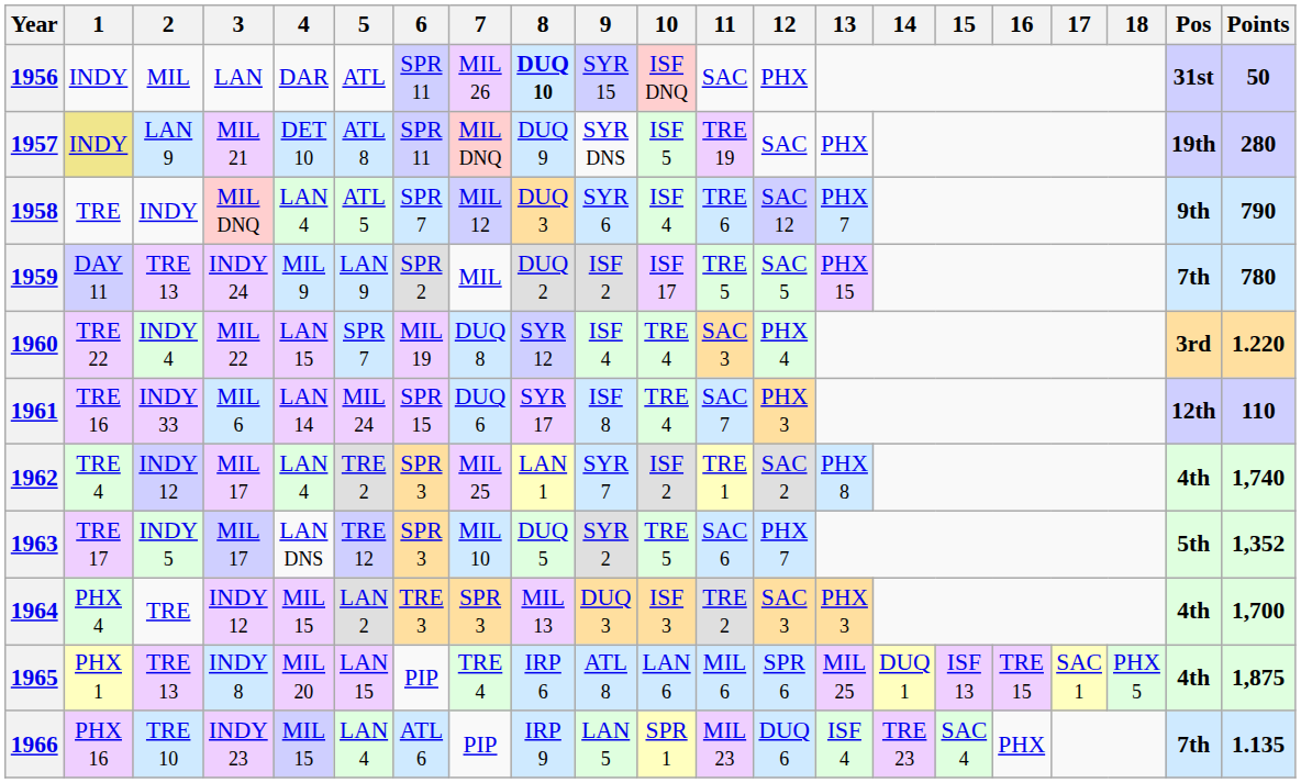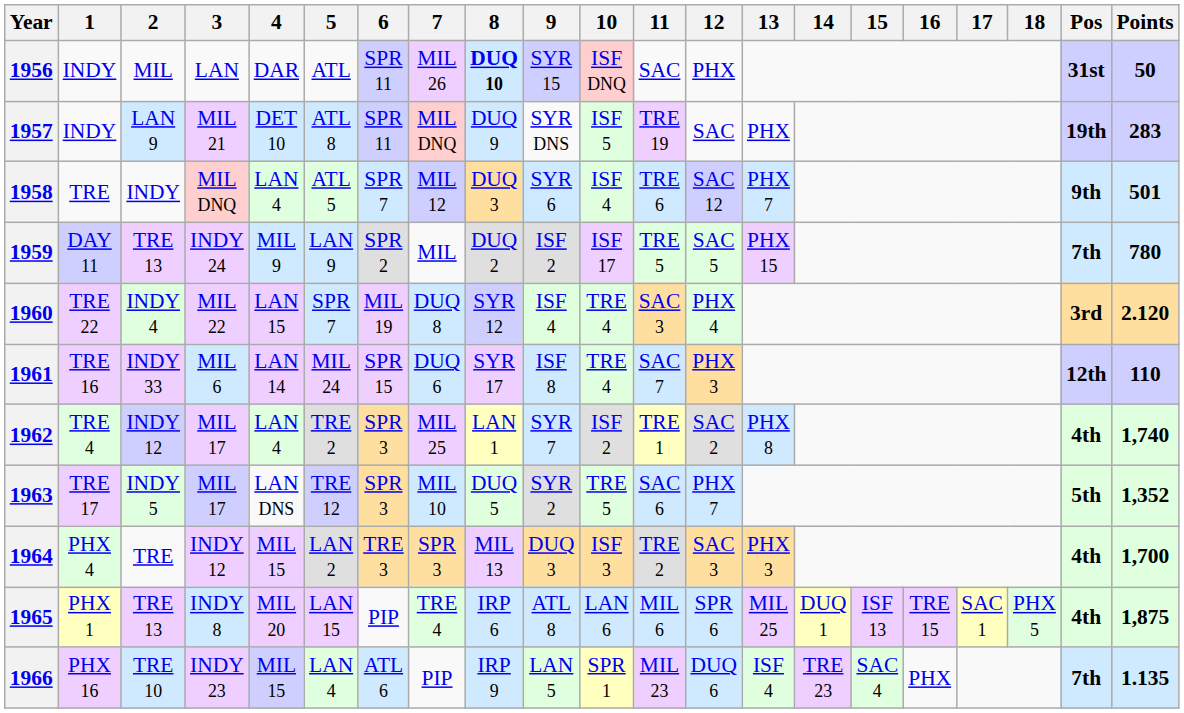 <table class="wikitable" style="text-align:center; font-size:90%">
 <tr>
 <th>Year</th>
 <th>1</th>
 <th>2</th>
 <th>3</th>
 <th>4</th>
 <th>5</th>
 <th>6</th>
 <th>7</th>
 <th>8</th>
 <th>9</th>
 <th>10</th>
 <th>11</th>
 <th>12</th>
 <th>13</th>
 <th>14</th>
 <th>15</th>
 <th>16</th>
 <th>17</th>
 <th>18</th>
 <th>Pos</th>
 <th>Points</th>
 </tr>
 <tr>
 <th rowspan=1><a href='#'>1956</a></th>
 <td><a href='#'>INDY</a><br><small> </small></td>
 <td><a href='#'>MIL</a><br><small> </small></td>
 <td><a href='#'>LAN</a><br><small> </small></td>
 <td><a href='#'>DAR</a><br><small> </small></td>
 <td><a href='#'>ATL</a><br><small> </small></td>
 <td style="background:#CFCFFF;"><a href='#'>SPR</a><br><small>11</small></td>
 <td style="background:#EFCFFF;"><a href='#'>MIL</a><br><small>26</small></td>
 <td style="background:#CFEAFF;"><strong><a href='#'>DUQ</a><br><small>10</small></strong></td>
 <td style="background:#CFCFFF;"><a href='#'>SYR</a><br><small>15</small></td>
 <td style="background:#FFCFCF;"><a href='#'>ISF</a><br><small>DNQ</small></td>
 <td><a href='#'>SAC</a><br><small> </small></td>
 <td><a href='#'>PHX</a><br><small> </small></td>
 <td colspan=6></td>
 <th style="background:#CFCFFF;">31st</th>
 <th style="background:#CFCFFF;">50</th>
 </tr>
 <tr>
 <th rowspan=1><a href='#'>1957</a></th>
-<td style="background: khaki;"><a href='#'>INDY</a><br><small> </small></td>
+<td><a href='#'>INDY</a><br><small> </small></td>
 <td style="background:#CFEAFF;"><a href='#'>LAN</a><br><small>9</small></td>
 <td style="background:#EFCFFF;"><a href='#'>MIL</a><br><small>21</small></td>
 <td style="background:#CFEAFF;"><a href='#'>DET</a><br><small>10</small></td>
 <td style="background:#CFEAFF;"><a href='#'>ATL</a><br><small>8</small></td>
 <td style="background:#CFCFFF;"><a href='#'>SPR</a><br><small>11</small></td>
 <td style="background:#FFCFCF;"><a href='#'>MIL</a><br><small>DNQ</small></td>
 <td style="background:#CFEAFF;"><a href='#'>DUQ</a><br><small>9</small></td>
 <td><a href='#'>SYR</a><br><small>DNS</small></td>
 <td style="background:#DFFFDF;"><a href='#'>ISF</a><br><small>5</small></td>
 <td style="background:#EFCFFF;"><a href='#'>TRE</a><br><small>19</small></td>
 <td><a href='#'>SAC</a><br><small> </small></td>
 <td><a href='#'>PHX</a><br><small> </small></td>
 <td colspan=5></td>
 <th style="background:#CFCFFF;">19th</th>
-<th style="background:#CFCFFF;">280</th>
+<th style="background:#CFCFFF;">283</th>
 </tr>
 <tr>
 <th rowspan=1><a href='#'>1958</a></th>
 <td><a href='#'>TRE</a></td>
 <td><a href='#'>INDY</a><br><small> </small></td>
 <td style="background:#FFCFCF;"><a href='#'>MIL</a><br><small>DNQ</small></td>
 <td style="background:#DFFFDF;"><a href='#'>LAN</a><br><small>4</small></td>
 <td style="background:#DFFFDF;"><a href='#'>ATL</a><br><small>5</small></td>
 <td style="background:#CFEAFF;"><a href='#'>SPR</a><br><small>7</small></td>
 <td style="background:#CFCFFF;"><a href='#'>MIL</a><br><small>12</small></td>
 <td style="background:#FFDF9F;"><a href='#'>DUQ</a><br><small>3</small></td>
 <td style="background:#CFEAFF;"><a href='#'>SYR</a><br><small>6</small></td>
 <td style="background:#DFFFDF;"><a href='#'>ISF</a><br><small>4</small></td>
 <td style="background:#CFEAFF;"><a href='#'>TRE</a><br><small>6</small></td>
 <td style="background:#CFCFFF;"><a href='#'>SAC</a><br><small>12</small></td>
 <td style="background:#CFEAFF;"><a href='#'>PHX</a><br><small>7</small></td>
 <td colspan=5></td>
 <th style="background:#CFEAFF;">9th</th>
-<th style="background:#CFEAFF;">790</th>
+<th style="background:#CFEAFF;">501</th>
 </tr>
 <tr>
 <th rowspan=1><a href='#'>1959</a></th>
 <td style="background:#cfcfff;"><a href='#'>DAY</a><br><small>11</small></td>
 <td style="background:#efcfff;"><a href='#'>TRE</a><br><small>13</small></td>
 <td style="background:#efcfff;"><a href='#'>INDY</a><br><small>24</small></td>
 <td style="background:#cfeaff;"><a href='#'>MIL</a><br><small>9</small></td>
 <td style="background:#cfeaff;"><a href='#'>LAN</a><br><small>9</small></td>
 <td style="background:#dfdfdf;"><a href='#'>SPR</a><br><small>2</small></td>
 <td><a href='#'>MIL</a><br><small> </small></td>
 <td style="background:#dfdfdf;"><a href='#'>DUQ</a><br><small>2</small></td>
 <td style="background:#DFDFDF;"><a href='#'>ISF</a><br><small>2</small></td>
 <td style="background:#efcfff;"><a href='#'>ISF</a><br><small>17</small></td>
 <td style="background:#dfffdf;"><a href='#'>TRE</a><br><small>5</small></td>
 <td style="background:#dfffdf;"><a href='#'>SAC</a><br><small>5</small></td>
 <td style="background:#efcfff;"><a href='#'>PHX</a><br><small>15</small></td>
 <td colspan=5></td>
 <th style="background:#CFEAFF;">7th</th>
 <th style="background:#CFEAFF;">780</th>
 </tr>
 <tr>
 <th><a href='#'>1960</a></th>
 <td style="background:#EFCFFF;"><a href='#'>TRE</a><br><small>22</small></td>
 <td style="background:#DFFFDF;"><a href='#'>INDY</a><br><small>4</small></td>
 <td style="background:#EFCFFF;"><a href='#'>MIL</a><br><small>22</small></td>
 <td style="background:#EFCFFF;"><a href='#'>LAN</a><br><small>15</small></td>
 <td style="background:#CFEAFF;"><a href='#'>SPR</a><br><small>7</small></td>
 <td style="background:#EFCFFF;"><a href='#'>MIL</a><br><small>19</small></td>
 <td style="background:#CFEAFF;"><a href='#'>DUQ</a><br><small>8</small></td>
 <td style="background:#CFCFFF;"><a href='#'>SYR</a><br><small>12</small></td>
 <td style="background:#DFFFDF;"><a href='#'>ISF</a><br><small>4</small></td>
 <td style="background:#DFFFDF;"><a href='#'>TRE</a><br><small>4</small></td>
 <td style="background:#FFDF9F;"><a href='#'>SAC</a><br><small>3</small></td>
 <td style="background:#DFFFDF;"><a href='#'>PHX</a><br><small>4</small></td>
 <td colspan=6></td>
 <th style="background:#FFDF9F;">3rd</th>
-<th style="background:#FFDF9F;">1.220</th>
+<th style="background:#FFDF9F;">2.120</th>
 </tr>
 <tr>
 <th><a href='#'>1961</a></th>
 <td style="background:#EFCFFF;"><a href='#'>TRE</a><br><small>16</small></td>
 <td style="background:#EFCFFF;"><a href='#'>INDY</a><br><small>33</small></td>
 <td style="background:#CFEAFF;"><a href='#'>MIL</a><br><small>6</small></td>
 <td style="background:#EFCFFF;"><a href='#'>LAN</a><br><small>14</small></td>
 <td style="background:#EFCFFF;"><a href='#'>MIL</a><br><small>24</small></td>
 <td style="background:#EFCFFF;"><a href='#'>SPR</a><br><small>15</small></td>
 <td style="background:#CFEAFF;"><a href='#'>DUQ</a><br><small>6</small></td>
 <td style="background:#EFCFFF;"><a href='#'>SYR</a><br><small>17</small></td>
 <td style="background:#CFEAFF;"><a href='#'>ISF</a><br><small>8</small></td>
 <td style="background:#DFFFDF;"><a href='#'>TRE</a><br><small>4</small></td>
 <td style="background:#CFEAFF;"><a href='#'>SAC</a><br><small>7</small></td>
 <td style="background:#FFDF9F;"><a href='#'>PHX</a><br><small>3</small></td>
 <td colspan=6></td>
 <th style="background:#CFCFFF;">12th</th>
 <th style="background:#CFCFFF;">110</th>
 </tr>
 <tr>
 <th><a href='#'>1962</a></th>
 <td style="background:#DFFFDF;"><a href='#'>TRE</a><br><small>4</small></td>
 <td style="background:#CFCFFF;"><a href='#'>INDY</a><br><small>12</small></td>
 <td style="background:#EFCFFF;"><a href='#'>MIL</a><br><small>17</small></td>
 <td style="background:#DFFFDF;"><a href='#'>LAN</a><br><small>4</small></td>
 <td style="background:#DFDFDF;"><a href='#'>TRE</a><br><small>2</small></td>
 <td style="background:#FFDF9F;"><a href='#'>SPR</a><br><small>3</small></td>
 <td style="background:#EFCFFF;"><a href='#'>MIL</a><br><small>25</small></td>
 <td style="background:#FFFFBF;"><a href='#'>LAN</a><br><small>1</small></td>
 <td style="background:#CFEAFF;"><a href='#'>SYR</a><br><small>7</small></td>
 <td style="background:#DFDFDF;"><a href='#'>ISF</a><br><small>2</small></td>
 <td style="background:#FFFFBF;"><a href='#'>TRE</a><br><small>1</small></td>
 <td style="background:#DFDFDF;"><a href='#'>SAC</a> <br><small>2</small></td>
 <td style="background:#CFEAFF;"><a href='#'>PHX</a><br><small>8</small></td>
 <td colspan=5></td>
 <th style="background:#DFFFDF;">4th</th>
 <th style="background:#DFFFDF;">1,740</th>
 </tr>
 <tr>
 <th><a href='#'>1963</a></th>
 <td style="background:#EFCFFF;"><a href='#'>TRE</a><br><small>17</small></td>
 <td style="background:#DFFFDF;"><a href='#'>INDY</a><br><small>5</small></td>
 <td style="background:#CFCFFF;"><a href='#'>MIL</a><br><small>17</small></td>
 <td><a href='#'>LAN</a><br><small>DNS</small></td>
 <td style="background:#CFCFFF;"><a href='#'>TRE</a><br><small>12</small></td>
 <td style="background:#FFDF9F;"><a href='#'>SPR</a><br><small>3</small></td>
 <td style="background:#CFEAFF;"><a href='#'>MIL</a><br><small>10</small></td>
 <td style="background:#DFFFDF;"><a href='#'>DUQ</a><br><small>5</small></td>
 <td style="background:#dfdfdf;"><a href='#'>SYR</a><br><small>2</small></td>
 <td style="background:#DFFFDF;"><a href='#'>TRE</a><br><small>5</small></td>
 <td style="background:#CFEAFF;"><a href='#'>SAC</a><br><small>6</small></td>
 <td style="background:#CFEAFF;"><a href='#'>PHX</a><br><small>7</small></td>
 <td colspan=6></td>
 <th style="background:#DFFFDF;">5th</th>
 <th style="background:#DFFFDF;">1,352</th>
 </tr>
 <tr>
 <th><a href='#'>1964</a></th>
 <td style="background:#DFFFDF;"><a href='#'>PHX</a><br><small>4</small></td>
 <td><a href='#'>TRE</a><br><small> </small></td>
 <td style="background:#EFCFFF;"><a href='#'>INDY</a><br><small>12</small></td>
 <td style="background:#EFCFFF;"><a href='#'>MIL</a><br><small>15</small></td>
 <td style="background:#DFDFDF;"><a href='#'>LAN</a><br><small>2</small></td>
 <td style="background:#FFDF9F;"><a href='#'>TRE</a><br><small>3</small></td>
 <td style="background:#FFDF9F;"><a href='#'>SPR</a><br><small>3</small></td>
 <td style="background:#EFCFFF;"><a href='#'>MIL</a><br><small>13</small></td>
 <td style="background:#FFDF9F;"><a href='#'>DUQ</a><br><small>3</small></td>
 <td style="background:#FFDF9F;"><a href='#'>ISF</a><br><small>3</small></td>
 <td style="background:#DFDFDF;"><a href='#'>TRE</a><br><small>2</small></td>
 <td style="background:#FFDF9F;"><a href='#'>SAC</a><br><small>3</small></td>
 <td style="background:#FFDF9F;"><a href='#'>PHX</a><br><small>3</small></td>
 <td colspan=5></td>
 <th style="background:#DFFFDF;">4th</th>
 <th style="background:#DFFFDF;">1,700</th>
 </tr>
 <tr>
 <th><a href='#'>1965</a></th>
 <td style="background:#FFFFBF;"><a href='#'>PHX</a><br><small>1</small></td>
 <td style="background:#EFCFFF;"><a href='#'>TRE</a><br><small>13</small></td>
 <td style="background:#CFEAFF;"><a href='#'>INDY</a><br><small>8</small></td>
 <td style="background:#EFCFFF;"><a href='#'>MIL</a><br><small>20</small></td>
 <td style="background:#EFCFFF;"><a href='#'>LAN</a><br><small>15</small></td>
 <td><a href='#'>PIP</a></td>
 <td style="background:#DFFFDF;"><a href='#'>TRE</a><br><small>4</small></td>
 <td style="background:#CFEAFF;"><a href='#'>IRP</a><br><small>6</small></td>
 <td style="background:#CFEAFF;"><a href='#'>ATL</a><br><small>8</small></td>
 <td style="background:#CFEAFF;"><a href='#'>LAN</a><br><small>6</small></td>
 <td style="background:#CFEAFF;"><a href='#'>MIL</a><br><small>6</small></td>
 <td style="background:#CFEAFF;"><a href='#'>SPR</a><br><small>6</small></td>
 <td style="background:#EFCFFF;"><a href='#'>MIL</a><br><small>25</small></td>
 <td style="background:#FFFFBF;"><a href='#'>DUQ</a><br><small>1</small></td>
 <td style="background:#EFCFFF;"><a href='#'>ISF</a><br><small>13</small></td>
 <td style="background:#EFCFFF;"><a href='#'>TRE</a><br><small>15</small></td>
 <td style="background:#FFFFBF;"><a href='#'>SAC</a><br><small>1</small></td>
 <td style="background:#DFFFDF;"><a href='#'>PHX</a><br><small>5</small></td>
 <th style="background:#DFFFDF;">4th</th>
 <th style="background:#DFFFDF;">1,875</th>
 </tr>
 <tr>
 <th><a href='#'>1966</a></th>
 <td style="background:#EFCFFF;"><a href='#'>PHX</a><br><small>16</small></td>
 <td style="background:#CFEAFF;"><a href='#'>TRE</a><br><small>10</small></td>
 <td style="background:#EFCFFF;"><a href='#'>INDY</a><br><small>23</small></td>
 <td style="background:#CFCFFF;"><a href='#'>MIL</a><br><small>15</small></td>
 <td style="background:#DFFFDF;"><a href='#'>LAN</a><br><small>4</small></td>
 <td style="background:#CFEAFF;"><a href='#'>ATL</a><br><small>6</small></td>
 <td><a href='#'>PIP</a><br><small> </small></td>
 <td style="background:#CFEAFF;"><a href='#'>IRP</a><br><small>9</small></td>
 <td style="background:#DFFFDF;"><a href='#'>LAN</a><br><small>5</small></td>
 <td style="background:#FFFFBF;"><a href='#'>SPR</a><br><small>1</small></td>
 <td style="background:#EFCFFF;"><a href='#'>MIL</a><br><small>23</small></td>
 <td style="background:#CFEAFF;"><a href='#'>DUQ</a><br><small>6</small></td>
 <td style="background:#DFFFDF;"><a href='#'>ISF</a><br><small>4</small></td>
 <td style="background:#EFCFFF;"><a href='#'>TRE</a><br><small>23</small></td>
 <td style="background:#DFFFDF;"><a href='#'>SAC</a><br><small>4</small></td>
 <td><a href='#'>PHX</a><br><small> </small></td>
 <td colspan=2></td>
 <th style="background:#CFEAFF;">7th</th>
 <th style="background:#CFEAFF;">1.135</th>
 </tr>
 </table>
